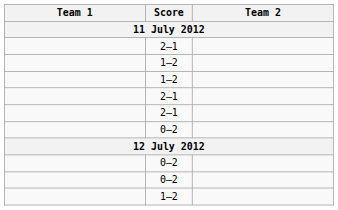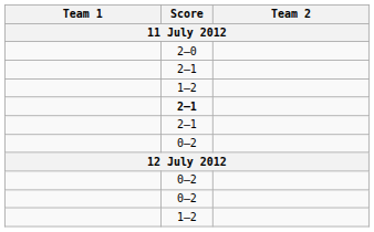 <table class="wikitable" style="text-align: center; font-size:90% ">
 <tr>
 <th align="right" width="160">Team 1</th>
 <th width="50">Score</th>
 <th align="left" width="160">Team 2</th>
 </tr>
 <tr>
 <th colspan=3>11 July 2012</th>
 </tr>
 <tr>
 <td align=right><strong></strong></td>
-<td align=center>2–1</td>
+<td align=center>2–0</td>
 <td align=left></td>
 </tr>
 <tr>
 <td align=right></td>
-<td align=center>1–2</td>
+<td align=center>2–1</td>
 <td align=left><strong></strong></td>
 </tr>
 <tr>
 <td align=right></td>
 <td align=center>1–2</td>
 <td align=left><strong></strong></td>
 </tr>
 <tr>
 <td align=right><strong></strong></td>
-<td align=center>2–1</td>
+<td align=center><strong>2–1</strong></td>
 <td align=left><strong></strong></td>
 </tr>
 <tr>
 <td align=right></td>
 <td align=center>2–1</td>
 <td align=left></td>
 </tr>
 <tr>
 <td align=right></td>
 <td align=center>0–2</td>
 <td align=left><strong></strong></td>
 </tr>
 <tr>
 <th colspan=3>12 July 2012</th>
 </tr>
 <tr>
 <td align=right><strong></strong></td>
 <td align=center>0–2</td>
 <td align=left></td>
 </tr>
 <tr>
 <td align=right></td>
 <td align=center>0–2</td>
 <td align=left><strong></strong></td>
 </tr>
 <tr>
 <td align=right></td>
 <td align=center>1–2</td>
 <td align=left><strong></strong></td>
 </tr>
 </table>
